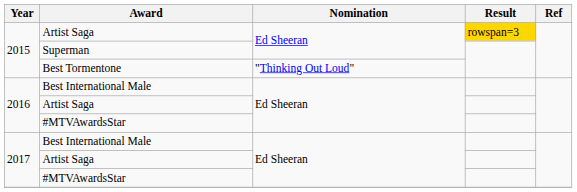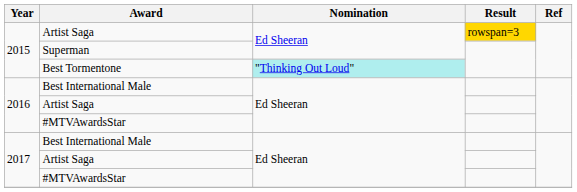 <table class="wikitable" style="max-width:75%;">
 <tr>
 <th width=5%>Year</th>
 <th style="width:30%;">Award</th>
 <th style="width:30%;">Nomination</th>
 <th style="width:10%;">Result</th>
 <th style="width:5%;">Ref</th>
 </tr>
 <tr>
 <td rowspan="3">2015</td>
 <td>Artist Saga</td>
 <td rowspan="2"><a href='#'>Ed Sheeran</a></td>
 <td style="background: gold;">rowspan=3 </td>
 <td rowspan=3></td>
 </tr>
 <tr>
 <td>Superman</td>
 </tr>
 <tr>
 <td>Best Tormentone</td>
-<td>"<a href='#'>Thinking Out Loud</a>"</td>
+<td style="background: paleturquoise;">"<a href='#'>Thinking Out Loud</a>"</td>
 </tr>
 <tr>
 <td rowspan=3>2016</td>
 <td>Best International Male</td>
 <td rowspan=3>Ed Sheeran</td>
 <td></td>
 <td rowspan="3"></td>
 </tr>
 <tr>
 <td>Artist Saga</td>
 <td></td>
 </tr>
 <tr>
 <td>#MTVAwardsStar</td>
 <td></td>
 </tr>
 <tr>
 <td rowspan=3>2017</td>
 <td>Best International Male</td>
 <td rowspan=3>Ed Sheeran</td>
 <td></td>
 <td rowspan="3"></td>
 </tr>
 <tr>
 <td>Artist Saga</td>
 <td></td>
 </tr>
 <tr>
 <td>#MTVAwardsStar</td>
 <td></td>
 </tr>
 <tr>
 </tr>
 </table>
